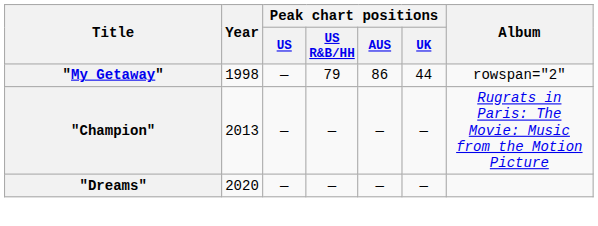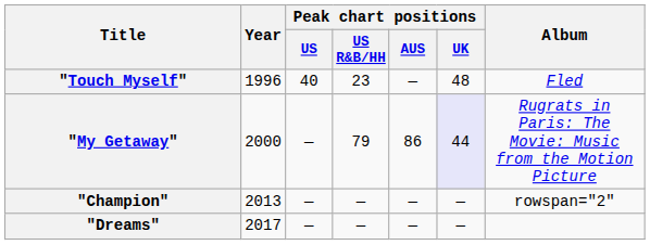 <table class="wikitable plainrowheaders" style="text-align:center;">
 <tr>
 <th scope="col" rowspan="2" style="width:15em;">Title</th>
 <th scope="col" rowspan="2" style="width:1em;">Year</th>
 <th scope="col" colspan="4">Peak chart positions</th>
 <th scope="col" rowspan="2" style="width:10em;">Album</th>
 </tr>
 <tr>
 <th scope="col" style="width:3em;font-size:90%;"><a href='#'>US</a><br></th>
 <th scope="col" style="width:3em;font-size:90%;"><a href='#'>US R&B/HH</a><br></th>
 <th scope="col" style="width:3em;font-size:90%;"><a href='#'>AUS</a><br></th>
 <th scope="col" style="width:3em;font-size:90%;"><a href='#'>UK</a><br></th>
 </tr>
 <tr>
+<th scope="row">"<a href='#'>Touch Myself</a>"</th>
+<td>1996</td>
+<td>40</td>
+<td>23</td>
+<td>—</td>
+<td>48</td>
+<td><em><a href='#'>Fled</a></em></td>
+</tr>
+<tr>
 <th scope="row">"<a href='#'>My Getaway</a>"</th>
-<td>1998</td>
+<td>2000</td>
 <td>—</td>
 <td>79</td>
 <td>86</td>
-<td>44</td>
-<td>rowspan="2" </td>
+<td style="background: lavender;">44</td>
+<td><em><a href='#'>Rugrats in Paris: The Movie: Music from the Motion Picture</a></em></td>
 </tr>
 <tr>
 <th scope="row">"Champion"</th>
 <td>2013</td>
 <td>—</td>
 <td>—</td>
 <td>—</td>
 <td>—</td>
-<td><em><a href='#'>Rugrats in Paris: The Movie: Music from the Motion Picture</a></em></td>
+<td>rowspan="2" </td>
 </tr>
 <tr>
 <th scope="row">"Dreams"</th>
-<td>2020</td>
+<td>2017</td>
 <td>—</td>
 <td>—</td>
 <td>—</td>
 <td>—</td>
 </tr>
 </table>
